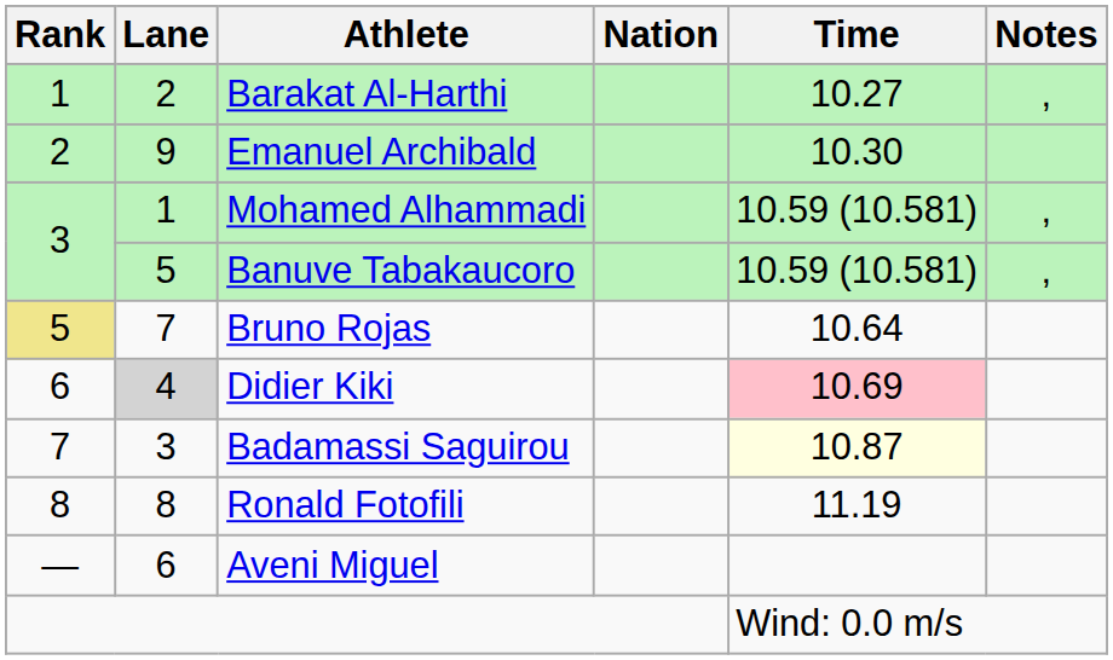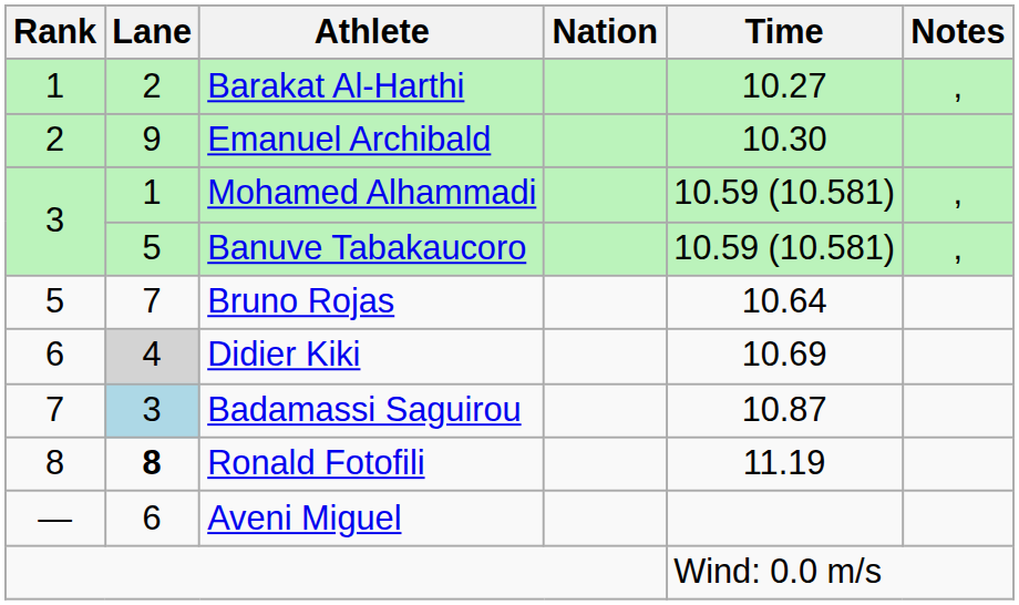 <table class="wikitable sortable" style="text-align:center;">
 <tr>
 <th>Rank</th>
 <th>Lane</th>
 <th>Athlete</th>
 <th>Nation</th>
 <th>Time</th>
 <th>Notes</th>
 </tr>
 <tr bgcolor="#bbf3bb">
 <td>1</td>
 <td>2</td>
 <td align="left"><a href='#'>Barakat Al-Harthi</a></td>
 <td align="left"></td>
 <td>10.27</td>
 <td>, </td>
 </tr>
 <tr bgcolor="#bbf3bb">
 <td>2</td>
 <td>9</td>
 <td align="left"><a href='#'>Emanuel Archibald</a></td>
 <td align="left"></td>
 <td>10.30</td>
 <td></td>
 </tr>
 <tr bgcolor="#bbf3bb">
 <td rowspan=2>3</td>
 <td>1</td>
 <td align="left"><a href='#'>Mohamed Alhammadi</a></td>
 <td align="left"></td>
 <td>10.59 (10.581)</td>
 <td>, </td>
 </tr>
 <tr bgcolor="#bbf3bb">
 <td>5</td>
 <td align="left"><a href='#'>Banuve Tabakaucoro</a></td>
 <td align="left"></td>
 <td>10.59 (10.581)</td>
 <td>, </td>
 </tr>
 <tr>
-<td style="background: khaki;">5</td>
+<td>5</td>
 <td>7</td>
 <td align="left"><a href='#'>Bruno Rojas</a></td>
 <td align="left"></td>
 <td>10.64</td>
 <td></td>
 </tr>
 <tr>
 <td>6</td>
 <td style="background: lightgrey;">4</td>
 <td align="left"><a href='#'>Didier Kiki</a></td>
 <td align="left"></td>
-<td style="background: pink;">10.69</td>
+<td>10.69</td>
 <td></td>
 </tr>
 <tr>
 <td>7</td>
-<td>3</td>
+<td style="background: lightblue;">3</td>
 <td align="left"><a href='#'>Badamassi Saguirou</a></td>
 <td align="left"></td>
-<td style="background: lightyellow;">10.87</td>
+<td>10.87</td>
 <td></td>
 </tr>
 <tr>
 <td>8</td>
-<td>8</td>
+<td><strong>8</strong></td>
 <td align="left"><a href='#'>Ronald Fotofili</a></td>
 <td align="left"></td>
 <td>11.19</td>
 <td></td>
 </tr>
 <tr>
 <td data-sort-value=9>—</td>
 <td>6</td>
 <td align="left"><a href='#'>Aveni Miguel</a></td>
 <td align="left"></td>
 <td data-sort-value=99.99></td>
 <td></td>
 </tr>
 <tr class="sortbottom">
 <td colspan=4></td>
 <td colspan="3" style="text-align:left;">Wind: 0.0 m/s</td>
 </tr>
 </table>
